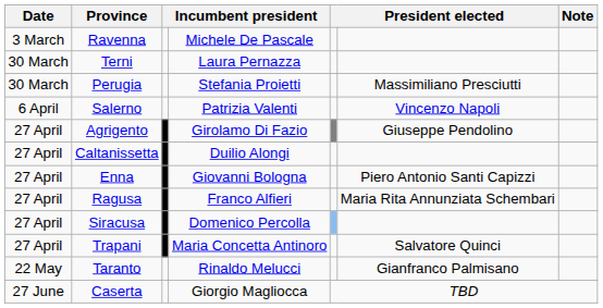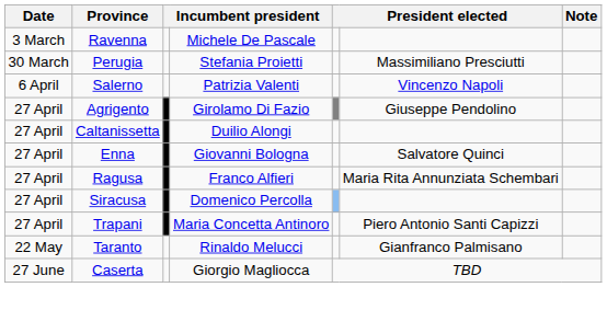 <table class="wikitable" style="text-align:center">
 <tr>
 <th>Date</th>
 <th>Province</th>
 <th colspan="2">Incumbent president</th>
 <th colspan="2">President elected</th>
 <th>Note</th>
 </tr>
 <tr>
 <td>3 March</td>
 <td><a href='#'>Ravenna</a></td>
 <td></td>
 <td><a href='#'>Michele De Pascale</a></td>
-<td></td>
-<td></td>
-<td></td>
-</tr>
-<tr>
-<td>30 March</td>
-<td><a href='#'>Terni</a></td>
-<td></td>
-<td><a href='#'>Laura Pernazza</a></td>
 <td></td>
 <td></td>
 <td></td>
 </tr>
 <tr>
 <td>30 March</td>
 <td><a href='#'>Perugia</a></td>
 <td></td>
 <td><a href='#'>Stefania Proietti</a></td>
 <td></td>
 <td>Massimiliano Presciutti</td>
 <td></td>
 </tr>
 <tr>
 <td>6 April</td>
 <td><a href='#'>Salerno</a></td>
 <td></td>
 <td><a href='#'>Patrizia Valenti</a></td>
 <td></td>
 <td><a href='#'>Vincenzo Napoli</a></td>
 <td></td>
 </tr>
 <tr>
 <td>27 April</td>
 <td><a href='#'>Agrigento</a></td>
 <td bgcolor="black"></td>
 <td><a href='#'>Girolamo Di Fazio</a></td>
 <td bgcolor="gray"></td>
 <td>Giuseppe Pendolino</td>
 <td></td>
 </tr>
 <tr>
 <td>27 April</td>
 <td><a href='#'>Caltanissetta</a></td>
 <td bgcolor="black"></td>
 <td><a href='#'>Duilio Alongi</a></td>
 <td></td>
 <td></td>
 <td></td>
 </tr>
 <tr>
 <td>27 April</td>
 <td><a href='#'>Enna</a></td>
 <td bgcolor="black"></td>
 <td><a href='#'>Giovanni Bologna</a></td>
 <td></td>
-<td>Piero Antonio Santi Capizzi</td>
+<td>Salvatore Quinci</td>
 <td></td>
 </tr>
 <tr>
 <td>27 April</td>
 <td><a href='#'>Ragusa</a></td>
 <td bgcolor="black"></td>
 <td><a href='#'>Franco Alfieri</a></td>
 <td></td>
 <td>Maria Rita Annunziata Schembari</td>
 <td></td>
 </tr>
 <tr>
 <td>27 April</td>
 <td><a href='#'>Siracusa</a></td>
 <td bgcolor="black"></td>
 <td><a href='#'>Domenico Percolla</a></td>
 <td bgcolor="#89BCF0"></td>
 <td></td>
 <td></td>
 </tr>
 <tr>
 <td>27 April</td>
 <td><a href='#'>Trapani</a></td>
 <td bgcolor="black"></td>
 <td><a href='#'>Maria Concetta Antinoro</a></td>
 <td></td>
-<td>Salvatore Quinci</td>
+<td>Piero Antonio Santi Capizzi</td>
 <td></td>
 </tr>
 <tr>
 <td>22 May</td>
 <td><a href='#'>Taranto</a></td>
 <td></td>
 <td><a href='#'>Rinaldo Melucci</a></td>
 <td></td>
 <td>Gianfranco Palmisano</td>
 <td></td>
 </tr>
 <tr>
 <td>27 June</td>
 <td><a href='#'>Caserta</a></td>
 <td></td>
 <td>Giorgio Magliocca</td>
 <td colspan="3"><em>TBD</em></td>
 </tr>
 </table>
